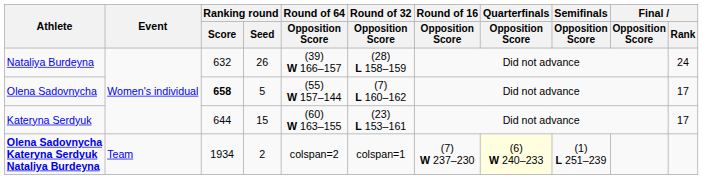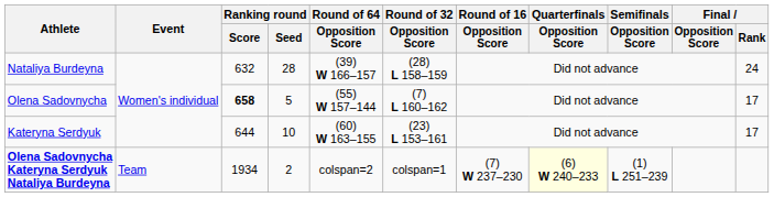 <table class="wikitable" style="font-size:90%">
 <tr>
 <th rowspan="2">Athlete</th>
 <th rowspan="2">Event</th>
 <th colspan="2">Ranking round</th>
 <th>Round of 64</th>
 <th>Round of 32</th>
 <th>Round of 16</th>
 <th>Quarterfinals</th>
 <th>Semifinals</th>
 <th colspan="2">Final / </th>
 </tr>
 <tr style="font-size:95%">
 <th>Score</th>
 <th>Seed</th>
 <th>Opposition<br>Score</th>
 <th>Opposition<br>Score</th>
 <th>Opposition<br>Score</th>
 <th>Opposition<br>Score</th>
 <th>Opposition<br>Score</th>
 <th>Opposition<br>Score</th>
 <th>Rank</th>
 </tr>
 <tr align=center>
 <td align=left><a href='#'>Nataliya Burdeyna</a></td>
 <td align=left rowspan=3><a href='#'>Women's individual</a></td>
 <td>632</td>
-<td>26</td>
+<td>28</td>
 <td> (39)<br><strong>W</strong> 166–157</td>
 <td> (28)<br><strong>L</strong> 158–159</td>
 <td colspan=4>Did not advance</td>
 <td>24</td>
 </tr>
 <tr align=center>
 <td align=left><a href='#'>Olena Sadovnycha</a></td>
 <td><strong>658</strong></td>
 <td>5</td>
 <td> (55)<br><strong>W</strong> 157–144</td>
 <td> (7)<br><strong>L</strong> 160–162</td>
 <td colspan=4>Did not advance</td>
 <td>17</td>
 </tr>
 <tr align=center>
 <td align=left><a href='#'>Kateryna Serdyuk</a></td>
 <td>644</td>
-<td>15</td>
+<td>10</td>
 <td> (60)<br><strong>W</strong> 163–155</td>
 <td> (23)<br><strong>L</strong> 153–161</td>
 <td colspan=4>Did not advance</td>
 <td>17</td>
 </tr>
 <tr align=center>
 <td align=left><strong><a href='#'>Olena Sadovnycha</a><br><a href='#'>Kateryna Serdyuk</a><br><a href='#'>Nataliya Burdeyna</a></strong></td>
 <td align=left><a href='#'>Team</a></td>
 <td>1934</td>
 <td>2</td>
 <td>colspan=2 </td>
 <td>colspan=1 </td>
 <td> (7)<br><strong>W</strong> 237–230</td>
 <td style="background: lightyellow;"> (6)<br><strong>W</strong> 240–233</td>
 <td> (1)<br><strong>L</strong> 251–239</td>
 <td></td>
 </tr>
 </table>
